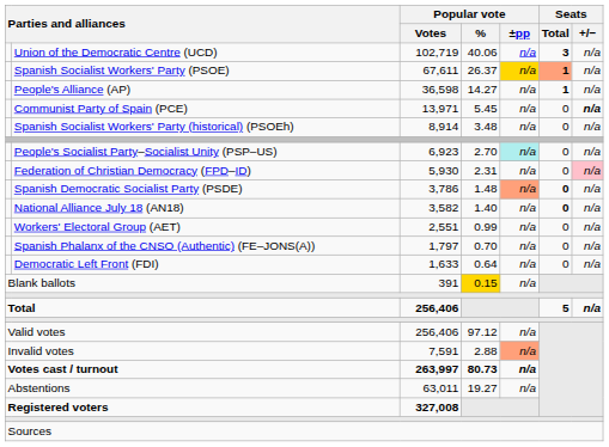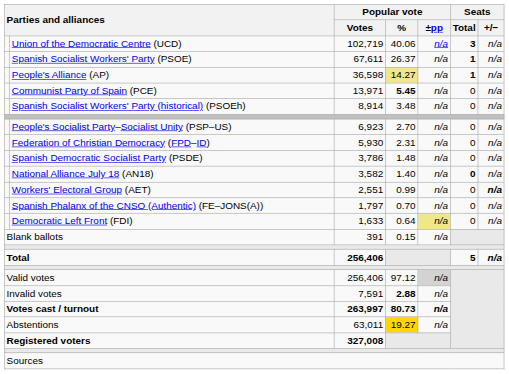 <table class="wikitable" style="text-align:right;">
 <tr>
 <th style="text-align:left;" rowspan="2" colspan="2" width="525">Parties and alliances</th>
 <th colspan="3">Popular vote</th>
 <th colspan="2">Seats</th>
 </tr>
 <tr>
 <th width="75">Votes</th>
 <th width="45">%</th>
 <th width="45">±<a href='#'>pp</a></th>
 <th width="35">Total</th>
 <th width="35">+/−</th>
 </tr>
 <tr>
 <td width="1" style="color:inherit;background:"></td>
 <td align="left"><a href='#'>Union of the Democratic Centre</a> (UCD)</td>
 <td>102,719</td>
 <td>40.06</td>
 <td><em><a href='#'>n/a</a></em></td>
 <td><strong>3</strong></td>
 <td><em>n/a</em></td>
 </tr>
 <tr>
 <td style="color:inherit;background:"></td>
 <td align="left"><a href='#'>Spanish Socialist Workers' Party</a> (PSOE)</td>
 <td>67,611</td>
 <td>26.37</td>
-<td style="background: gold;"><em>n/a</em></td>
-<td style="background: lightsalmon;"><strong>1</strong></td>
+<td><em>n/a</em></td>
+<td><strong>1</strong></td>
 <td><em>n/a</em></td>
 </tr>
 <tr>
 <td style="color:inherit;background:"></td>
 <td align="left"><a href='#'>People's Alliance</a> (AP)</td>
 <td>36,598</td>
-<td>14.27</td>
+<td style="background: khaki;">14.27</td>
 <td><em>n/a</em></td>
 <td><strong>1</strong></td>
 <td><em>n/a</em></td>
 </tr>
 <tr>
 <td style="color:inherit;background:"></td>
 <td align="left"><a href='#'>Communist Party of Spain</a> (PCE)</td>
 <td>13,971</td>
-<td>5.45</td>
+<td><strong>5.45</strong></td>
 <td><em>n/a</em></td>
 <td>0</td>
-<td><strong><em>n/a</em></strong></td>
+<td><em>n/a</em></td>
 </tr>
 <tr>
 <td style="color:inherit;background:"></td>
 <td align="left"><a href='#'>Spanish Socialist Workers' Party (historical)</a> (PSOEh)</td>
 <td>8,914</td>
 <td>3.48</td>
 <td><em>n/a</em></td>
 <td>0</td>
 <td><em>n/a</em></td>
 </tr>
 <tr>
 <td colspan="7" bgcolor="#C0C0C0"></td>
 </tr>
 <tr>
 <td style="color:inherit;background:"></td>
 <td align="left"><a href='#'>People's Socialist Party</a>–<a href='#'>Socialist Unity</a> (PSP–US)</td>
 <td>6,923</td>
 <td>2.70</td>
-<td style="background: paleturquoise;"><em>n/a</em></td>
+<td><em>n/a</em></td>
 <td>0</td>
 <td><em>n/a</em></td>
 </tr>
 <tr>
 <td style="color:inherit;background:"></td>
 <td align="left"><a href='#'>Federation of Christian Democracy</a> (<a href='#'>FPD</a>–<a href='#'>ID</a>)</td>
 <td>5,930</td>
 <td>2.31</td>
 <td><em>n/a</em></td>
 <td>0</td>
-<td style="background: pink;"><em>n/a</em></td>
+<td><em>n/a</em></td>
 </tr>
 <tr>
 <td style="color:inherit;background:"></td>
 <td align="left"><a href='#'>Spanish Democratic Socialist Party</a> (PSDE)</td>
 <td>3,786</td>
 <td>1.48</td>
-<td style="background: lightsalmon;"><em>n/a</em></td>
-<td><strong>0</strong></td>
+<td><em>n/a</em></td>
+<td>0</td>
 <td><em>n/a</em></td>
 </tr>
 <tr>
 <td style="color:inherit;background:"></td>
 <td align="left"><a href='#'>National Alliance July 18</a> (AN18)</td>
 <td>3,582</td>
 <td>1.40</td>
 <td><em>n/a</em></td>
 <td><strong>0</strong></td>
 <td><em>n/a</em></td>
 </tr>
 <tr>
 <td style="color:inherit;background:"></td>
 <td align="left"><a href='#'>Workers' Electoral Group</a> (AET)</td>
 <td>2,551</td>
 <td>0.99</td>
 <td><em>n/a</em></td>
 <td>0</td>
-<td><em>n/a</em></td>
+<td><strong><em>n/a</em></strong></td>
 </tr>
 <tr>
 <td style="color:inherit;background:"></td>
 <td align="left"><a href='#'>Spanish Phalanx of the CNSO (Authentic)</a> (FE–JONS(A))</td>
 <td>1,797</td>
 <td>0.70</td>
 <td><em>n/a</em></td>
 <td>0</td>
 <td><em>n/a</em></td>
 </tr>
 <tr>
 <td style="color:inherit;background:"></td>
 <td align="left"><a href='#'>Democratic Left Front</a> (FDI)</td>
 <td>1,633</td>
 <td>0.64</td>
-<td><em>n/a</em></td>
+<td style="background: khaki;"><em>n/a</em></td>
 <td>0</td>
 <td><em>n/a</em></td>
 </tr>
 <tr>
 <td align="left" colspan="2">Blank ballots</td>
 <td>391</td>
-<td style="background: gold;">0.15</td>
+<td>0.15</td>
 <td><em>n/a</em></td>
 <td bgcolor="#E9E9E9" colspan="2"></td>
 </tr>
 <tr>
 <td colspan="7" bgcolor="#E9E9E9"></td>
 </tr>
 <tr style="font-weight:bold;">
 <td align="left" colspan="2">Total</td>
 <td>256,406</td>
 <td bgcolor="#E9E9E9" colspan="2"></td>
 <td>5</td>
 <td><em>n/a</em></td>
 </tr>
 <tr>
 <td colspan="7" bgcolor="#E9E9E9"></td>
 </tr>
 <tr>
 <td align="left" colspan="2">Valid votes</td>
 <td>256,406</td>
 <td>97.12</td>
-<td><em>n/a</em></td>
+<td style="background: lightgrey;"><em>n/a</em></td>
 <td bgcolor="#E9E9E9" colspan="2" rowspan="5"></td>
 </tr>
 <tr>
 <td align="left" colspan="2">Invalid votes</td>
 <td>7,591</td>
-<td>2.88</td>
-<td style="background: lightsalmon;"><em>n/a</em></td>
+<td><strong>2.88</strong></td>
+<td><em>n/a</em></td>
 </tr>
 <tr style="font-weight:bold;">
 <td align="left" colspan="2">Votes cast / turnout</td>
 <td>263,997</td>
 <td>80.73</td>
 <td><em>n/a</em></td>
 </tr>
 <tr>
 <td align="left" colspan="2">Abstentions</td>
 <td>63,011</td>
-<td>19.27</td>
+<td style="background: gold;">19.27</td>
 <td><em>n/a</em></td>
 </tr>
 <tr style="font-weight:bold;">
 <td align="left" colspan="2">Registered voters</td>
 <td>327,008</td>
 <td bgcolor="#E9E9E9" colspan="2"></td>
 </tr>
 <tr>
 <td colspan="7" bgcolor="#E9E9E9"></td>
 </tr>
 <tr>
 <td align="left" colspan="7">Sources</td>
 </tr>
 </table>
